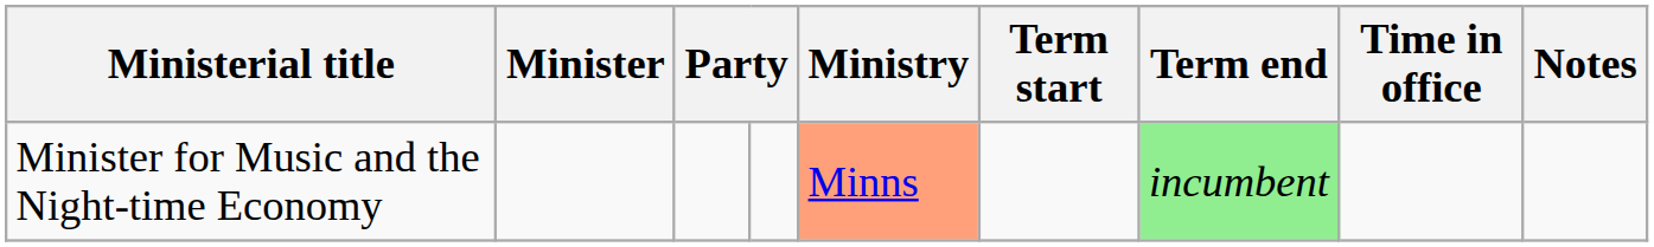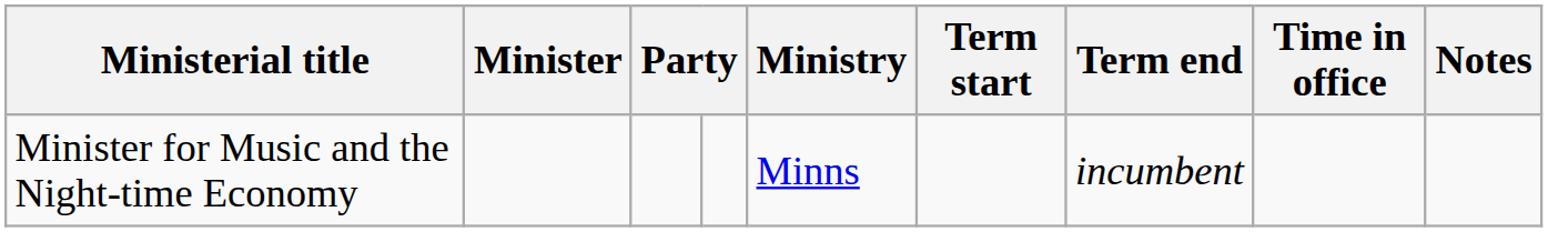 <table class="wikitable sortable">
 <tr>
 <th>Ministerial title</th>
 <th>Minister</th>
 <th colspan="2">Party</th>
 <th>Ministry</th>
 <th data-sort-type="date">Term start</th>
 <th data-sort-type=date>Term end</th>
 <th>Time in office</th>
 <th class="unsortable">Notes</th>
 </tr>
 <tr>
 <td>Minister for Music and the Night-time Economy</td>
 <td></td>
 <td> </td>
 <td></td>
-<td style="background: lightsalmon;"><a href='#'>Minns</a></td>
+<td><a href='#'>Minns</a></td>
 <td align=center></td>
-<td align=center style="background: lightgreen;"><em>incumbent</em></td>
+<td align=center><em>incumbent</em></td>
 <td align=right></td>
 <td></td>
 </tr>
 </table>
